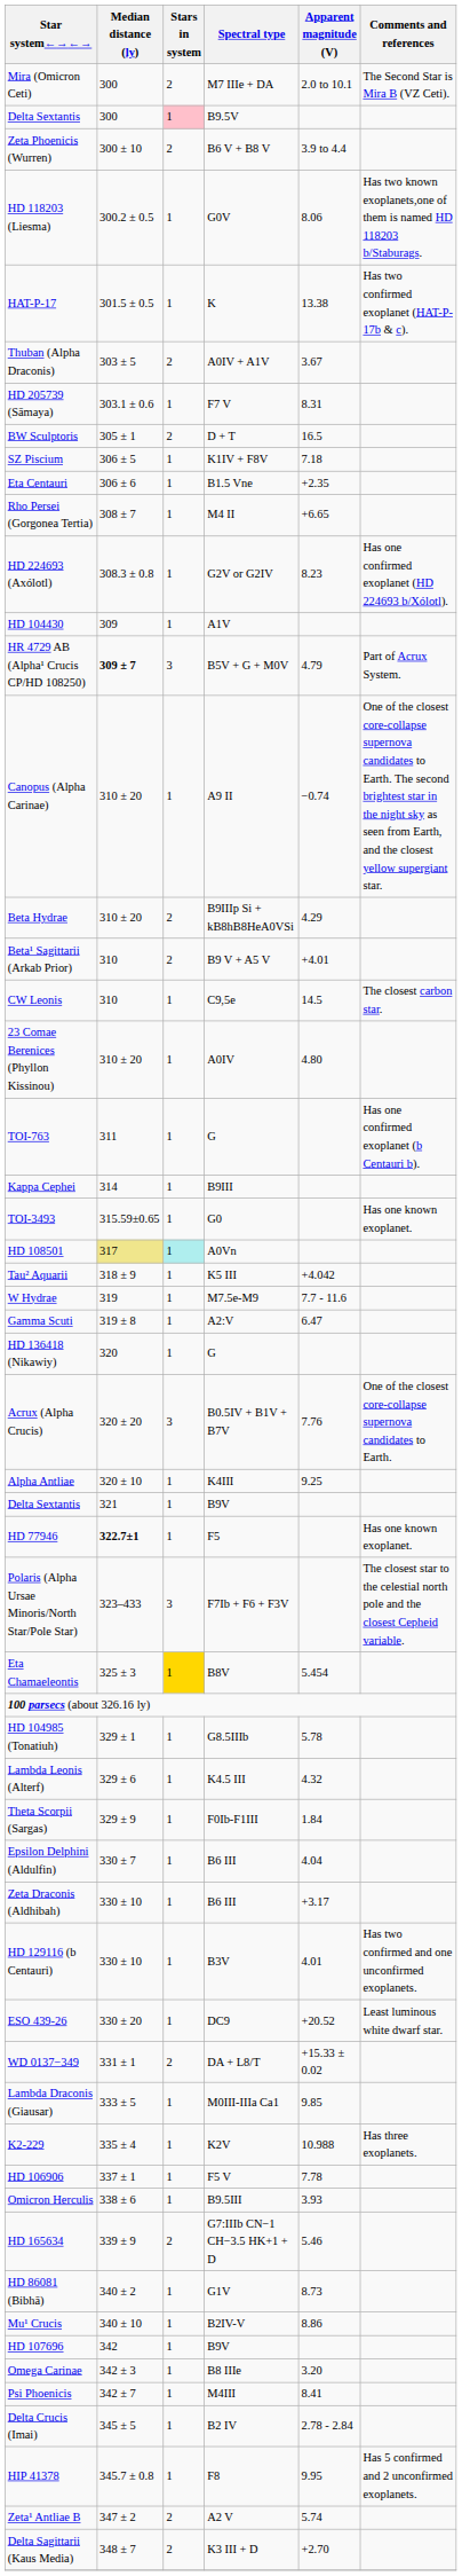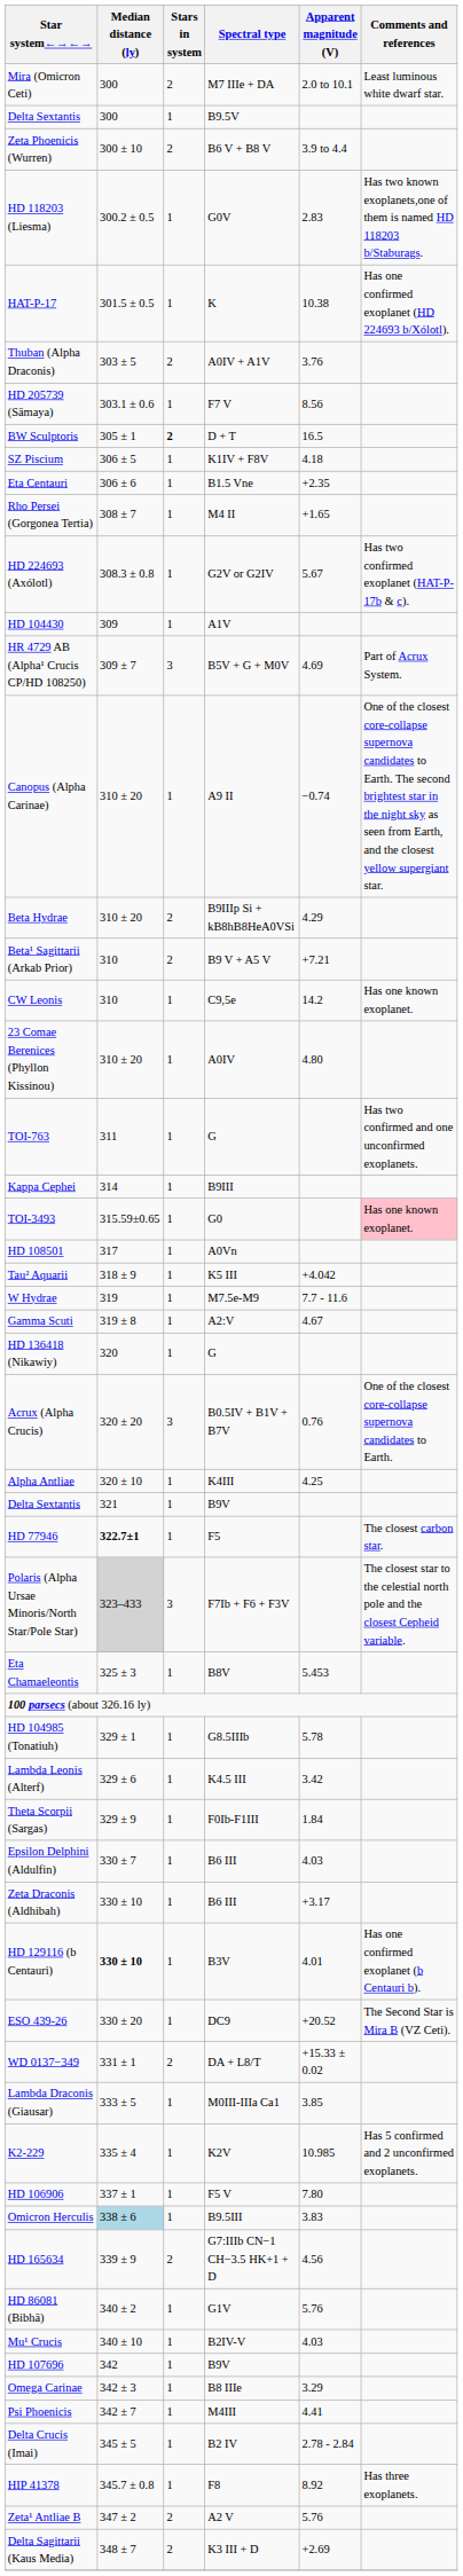 <table class="wikitable sortable" style="font-size:1.00em; line-height:1.5em; position:relative;">
 <tr>
 <th scope="col">Star system<span><a href='#'>←</a></span><span><a href='#'>→</a></span><span><a href='#'>←</a></span><span><a href='#'>→</a></span></th>
 <th scope="col">Median distance (<a href='#'>ly</a>)</th>
 <th scope="col">Stars in system</th>
 <th scope="col"><a href='#'>Spectral type</a></th>
 <th scope="col"><a href='#'>Apparent magnitude</a> (V)</th>
 <th scope="col">Comments and references</th>
 </tr>
 <tr>
 <td><a href='#'>Mira</a> (Omicron Ceti)</td>
 <td>300</td>
 <td>2</td>
 <td style="background: ">M7 IIIe + DA</td>
 <td>2.0 to 10.1</td>
-<td>The Second Star is <a href='#'>Mira B</a> (VZ Ceti).</td>
+<td>Least luminous white dwarf star.</td>
 </tr>
 <tr>
 <td><a href='#'>Delta Sextantis</a></td>
 <td>300</td>
-<td style="background: pink;">1</td>
+<td>1</td>
 <td style="background: ">B9.5V</td>
 <td></td>
 <td></td>
 </tr>
 <tr>
 <td><a href='#'>Zeta Phoenicis</a> (Wurren)</td>
 <td>300 ± 10</td>
 <td>2</td>
 <td style="background: ">B6 V + B8 V</td>
 <td>3.9 to 4.4</td>
 <td></td>
 </tr>
 <tr>
 <td><a href='#'>HD 118203</a> (Liesma)</td>
 <td>300.2 ± 0.5</td>
 <td>1</td>
 <td style="background: ">G0V</td>
-<td>8.06</td>
+<td>2.83</td>
 <td>Has two known exoplanets,one of them is named <a href='#'>HD 118203 b/Staburags</a>.</td>
 </tr>
 <tr>
 <td><a href='#'>HAT-P-17</a></td>
 <td>301.5 ± 0.5</td>
 <td>1</td>
 <td style="background: ">K</td>
-<td>13.38</td>
-<td>Has two confirmed exoplanet (<a href='#'>HAT-P-17b</a> & <a href='#'>c</a>).</td>
+<td>10.38</td>
+<td>Has one confirmed exoplanet (<a href='#'>HD 224693 b/Xólotl</a>).</td>
 </tr>
 <tr>
 <td><a href='#'>Thuban</a> (Alpha Draconis)</td>
 <td>303 ± 5</td>
 <td>2</td>
 <td style="background: ">A0IV + A1V</td>
-<td>3.67</td>
+<td>3.76</td>
 <td></td>
 </tr>
 <tr>
 <td><a href='#'>HD 205739</a> (Sāmaya)</td>
 <td>303.1 ± 0.6</td>
 <td>1</td>
 <td style="background: ">F7 V</td>
-<td>8.31</td>
+<td>8.56</td>
 <td></td>
 </tr>
 <tr>
 <td><a href='#'>BW Sculptoris</a></td>
 <td>305 ± 1</td>
-<td>2</td>
+<td><strong>2</strong></td>
 <td style="background: ">D + T</td>
 <td>16.5</td>
 <td></td>
 </tr>
 <tr>
 <td><a href='#'>SZ Piscium</a></td>
 <td>306 ± 5</td>
 <td>1</td>
 <td style="background: ">K1IV + F8V</td>
-<td>7.18</td>
+<td>4.18</td>
 <td></td>
 </tr>
 <tr>
 <td><a href='#'>Eta Centauri</a></td>
 <td>306 ± 6</td>
 <td>1</td>
 <td style="background: ">B1.5 Vne</td>
 <td>+2.35</td>
 <td></td>
 </tr>
 <tr>
 <td><a href='#'>Rho Persei</a> (Gorgonea Tertia)</td>
 <td>308 ± 7</td>
 <td>1</td>
 <td style="background: ">M4 II</td>
-<td>+6.65</td>
+<td>+1.65</td>
 <td></td>
 </tr>
 <tr>
 <td><a href='#'>HD 224693</a> (Axólotl)</td>
 <td>308.3 ± 0.8</td>
 <td>1</td>
 <td style="background: ">G2V or G2IV</td>
-<td>8.23</td>
-<td>Has one confirmed exoplanet (<a href='#'>HD 224693 b/Xólotl</a>).</td>
+<td>5.67</td>
+<td>Has two confirmed exoplanet (<a href='#'>HAT-P-17b</a> & <a href='#'>c</a>).</td>
 </tr>
 <tr>
 <td><a href='#'>HD 104430</a></td>
 <td>309</td>
 <td>1</td>
 <td style="background: ">A1V</td>
 <td></td>
 <td></td>
 </tr>
 <tr>
 <td><a href='#'>HR 4729</a> AB (Alpha¹ Crucis CP/HD 108250)</td>
-<td><strong>309 ± 7</strong></td>
+<td>309 ± 7</td>
 <td>3</td>
 <td style="background: ">B5V + G + M0V</td>
-<td>4.79</td>
+<td>4.69</td>
 <td>Part of <a href='#'>Acrux</a> System.</td>
 </tr>
 <tr>
 <td><a href='#'>Canopus</a> (Alpha Carinae)</td>
 <td>310 ± 20</td>
 <td>1</td>
 <td style="background: ">A9 II</td>
 <td>−0.74</td>
 <td>One of the closest <a href='#'>core-collapse supernova</a> <a href='#'>candidates</a> to Earth. The second <a href='#'>brightest star in the night sky</a> as seen from Earth, and the closest <a href='#'>yellow supergiant</a> star.</td>
 </tr>
 <tr>
 <td><a href='#'>Beta Hydrae</a></td>
 <td>310 ± 20</td>
 <td>2</td>
 <td style="background: ">B9IIIp Si + kB8hB8HeA0VSi</td>
 <td>4.29</td>
 <td></td>
 </tr>
 <tr>
 <td><a href='#'>Beta¹ Sagittarii</a> (Arkab Prior)</td>
 <td>310</td>
 <td>2</td>
 <td style="background: ">B9 V + A5 V</td>
-<td>+4.01</td>
+<td>+7.21</td>
 <td></td>
 </tr>
 <tr>
 <td><a href='#'>CW Leonis</a></td>
 <td>310</td>
 <td>1</td>
 <td style="background: ">C9,5e</td>
-<td>14.5</td>
-<td>The closest <a href='#'>carbon star</a>.</td>
+<td>14.2</td>
+<td>Has one known exoplanet.</td>
 </tr>
 <tr>
 <td><a href='#'>23 Comae Berenices</a> (Phyllon Kissinou)</td>
 <td>310 ± 20</td>
 <td>1</td>
 <td style="background: ">A0IV</td>
 <td>4.80</td>
 <td></td>
 </tr>
 <tr>
 <td><a href='#'>TOI-763</a></td>
 <td>311</td>
 <td>1</td>
 <td style="background: ">G</td>
 <td></td>
-<td>Has one confirmed exoplanet (<a href='#'>b Centauri b</a>).</td>
+<td>Has two confirmed and one unconfirmed exoplanets.</td>
 </tr>
 <tr>
 <td><a href='#'>Kappa Cephei</a></td>
 <td>314</td>
 <td>1</td>
 <td style="background: ">B9III</td>
 <td></td>
 <td></td>
 </tr>
 <tr>
 <td><a href='#'>TOI-3493</a></td>
 <td>315.59±0.65</td>
 <td>1</td>
 <td style="background: ">G0</td>
 <td></td>
-<td>Has one known exoplanet.</td>
+<td style="background: pink;">Has one known exoplanet.</td>
 </tr>
 <tr>
 <td><a href='#'>HD 108501</a></td>
-<td style="background: khaki;">317</td>
-<td style="background: paleturquoise;">1</td>
+<td>317</td>
+<td>1</td>
 <td style="background: ">A0Vn</td>
 <td></td>
 <td></td>
 </tr>
 <tr>
 <td><a href='#'>Tau² Aquarii</a></td>
 <td>318 ± 9</td>
 <td>1</td>
 <td style="background: ">K5 III</td>
 <td>+4.042</td>
 <td></td>
 </tr>
 <tr>
 <td><a href='#'>W Hydrae</a></td>
 <td>319</td>
 <td>1</td>
 <td style="background: ">M7.5e-M9</td>
 <td>7.7 - 11.6</td>
 <td></td>
 </tr>
 <tr>
 <td><a href='#'>Gamma Scuti</a></td>
 <td>319 ± 8</td>
 <td>1</td>
 <td style="background: ">A2:V</td>
-<td>6.47</td>
+<td>4.67</td>
 <td></td>
 </tr>
 <tr>
 <td><a href='#'>HD 136418</a> (Nikawiy)</td>
 <td>320</td>
 <td>1</td>
 <td style="background: ">G</td>
 <td></td>
 <td></td>
 </tr>
 <tr>
 <td><a href='#'>Acrux</a> (Alpha Crucis)</td>
 <td>320 ± 20</td>
 <td>3</td>
 <td style="background: ">B0.5IV + B1V + B7V</td>
-<td>7.76</td>
+<td>0.76</td>
 <td>One of the closest <a href='#'>core-collapse supernova</a> <a href='#'>candidates</a> to Earth.</td>
 </tr>
 <tr>
 <td><a href='#'>Alpha Antliae</a></td>
 <td>320 ± 10</td>
 <td>1</td>
 <td style="background: ">K4III</td>
-<td>9.25</td>
+<td>4.25</td>
 <td></td>
 </tr>
 <tr>
 <td><a href='#'>Delta Sextantis</a></td>
 <td>321</td>
 <td>1</td>
 <td style="background: ">B9V</td>
 <td></td>
 <td></td>
 </tr>
 <tr>
 <td><a href='#'>HD 77946</a></td>
 <td><strong>322.7±1</strong></td>
 <td>1</td>
 <td style="background: ">F5</td>
 <td></td>
-<td>Has one known exoplanet.</td>
+<td>The closest <a href='#'>carbon star</a>.</td>
 </tr>
 <tr>
 <td><a href='#'>Polaris</a> (Alpha Ursae Minoris/North Star/Pole Star)</td>
-<td>323–433</td>
+<td style="background: lightgrey;">323–433</td>
 <td>3</td>
 <td style="background: ">F7Ib + F6 + F3V</td>
 <td></td>
 <td>The closest star to the celestial north pole and the <a href='#'>closest Cepheid variable</a>.</td>
 </tr>
 <tr>
 <td><a href='#'>Eta Chamaeleontis</a></td>
 <td>325 ± 3</td>
-<td style="background: gold;">1</td>
+<td>1</td>
 <td style="background: ">B8V</td>
-<td>5.454</td>
+<td>5.453</td>
 <td></td>
 </tr>
 <tr>
 <td colspan = '9'><strong><em>100 <a href='#'>parsecs</a></em></strong> (about 326.16 ly)</td>
 </tr>
 <tr>
 <td><a href='#'>HD 104985</a> (Tonatiuh)</td>
 <td>329 ± 1</td>
 <td>1</td>
 <td style="background: ">G8.5IIIb</td>
 <td>5.78</td>
 <td></td>
 </tr>
 <tr>
 <td><a href='#'>Lambda Leonis</a> (Alterf)</td>
 <td>329 ± 6</td>
 <td>1</td>
 <td style="background: ">K4.5 III</td>
-<td>4.32</td>
+<td>3.42</td>
 <td></td>
 </tr>
 <tr>
 <td><a href='#'>Theta Scorpii</a> (Sargas)</td>
 <td>329 ± 9</td>
 <td>1</td>
 <td style="background: ">F0Ib-F1III</td>
 <td>1.84</td>
 <td></td>
 </tr>
 <tr>
 <td><a href='#'>Epsilon Delphini</a> (Aldulfin)</td>
 <td>330 ± 7</td>
 <td>1</td>
 <td style="background: ">B6 III</td>
-<td>4.04</td>
+<td>4.03</td>
 <td></td>
 </tr>
 <tr>
 <td><a href='#'>Zeta Draconis</a> (Aldhibah)</td>
 <td>330 ± 10</td>
 <td>1</td>
 <td style="background: ">B6 III</td>
 <td>+3.17</td>
 <td></td>
 </tr>
 <tr>
 <td><a href='#'>HD 129116</a> (b Centauri)</td>
-<td>330 ± 10</td>
+<td><strong>330 ± 10</strong></td>
 <td>1</td>
 <td style="background: ">B3V</td>
 <td>4.01</td>
-<td>Has two confirmed and one unconfirmed exoplanets.</td>
+<td>Has one confirmed exoplanet (<a href='#'>b Centauri b</a>).</td>
 </tr>
 <tr>
 <td><a href='#'>ESO 439-26</a></td>
 <td>330 ± 20</td>
 <td>1</td>
 <td style="background: ">DC9</td>
 <td>+20.52</td>
-<td>Least luminous white dwarf star.</td>
+<td>The Second Star is <a href='#'>Mira B</a> (VZ Ceti).</td>
 </tr>
 <tr>
 <td><a href='#'>WD 0137−349</a></td>
 <td>331 ± 1</td>
 <td>2</td>
 <td style="background: ">DA + L8/T</td>
 <td>+15.33 ± 0.02</td>
 <td></td>
 </tr>
 <tr>
 <td><a href='#'>Lambda Draconis</a> (Giausar)</td>
 <td>333 ± 5</td>
 <td>1</td>
 <td style="background: ">M0III-IIIa Ca1</td>
-<td>9.85</td>
+<td>3.85</td>
 <td></td>
 </tr>
 <tr>
 <td><a href='#'>K2-229</a></td>
 <td>335 ± 4</td>
 <td>1</td>
 <td style="background: ">K2V</td>
-<td>10.988</td>
-<td>Has three exoplanets.</td>
+<td>10.985</td>
+<td>Has 5 confirmed and 2 unconfirmed exoplanets.</td>
 </tr>
 <tr>
 <td><a href='#'>HD 106906</a></td>
 <td>337 ± 1</td>
 <td>1</td>
 <td style="background: ">F5 V</td>
-<td>7.78</td>
+<td>7.80</td>
 <td></td>
 </tr>
 <tr>
 <td><a href='#'>Omicron Herculis</a></td>
-<td>338 ± 6</td>
+<td style="background: lightblue;">338 ± 6</td>
 <td>1</td>
 <td style="background: ">B9.5III</td>
-<td>3.93</td>
+<td>3.83</td>
 <td></td>
 </tr>
 <tr>
 <td><a href='#'>HD 165634</a></td>
 <td>339 ± 9</td>
 <td>2</td>
 <td style="background: ">G7:IIIb CN−1 CH−3.5 HK+1 + D</td>
-<td>5.46</td>
+<td>4.56</td>
 <td></td>
 </tr>
 <tr>
 <td><a href='#'>HD 86081</a> (Bibhā)</td>
 <td>340 ± 2</td>
 <td>1</td>
 <td style="background: ">G1V</td>
-<td>8.73</td>
+<td>5.76</td>
 <td></td>
 </tr>
 <tr>
 <td><a href='#'>Mu¹ Crucis</a></td>
 <td>340 ± 10</td>
 <td>1</td>
 <td style="background: ">B2IV-V</td>
-<td>8.86</td>
+<td>4.03</td>
 <td></td>
 </tr>
 <tr>
 <td><a href='#'>HD 107696</a></td>
 <td>342</td>
 <td>1</td>
 <td style="background: ">B9V</td>
 <td></td>
 <td></td>
 </tr>
 <tr>
 <td><a href='#'>Omega Carinae</a></td>
 <td>342 ± 3</td>
 <td>1</td>
 <td style="background: ">B8 IIIe</td>
-<td>3.20</td>
+<td>3.29</td>
 <td></td>
 </tr>
 <tr>
 <td><a href='#'>Psi Phoenicis</a></td>
 <td>342 ± 7</td>
 <td>1</td>
 <td style="background: ">M4III</td>
-<td>8.41</td>
+<td>4.41</td>
 <td></td>
 </tr>
 <tr>
 <td><a href='#'>Delta Crucis</a> (Imai)</td>
 <td>345 ± 5</td>
 <td>1</td>
 <td style="background: ">B2 IV</td>
 <td>2.78 - 2.84</td>
 <td></td>
 </tr>
 <tr>
 <td><a href='#'>HIP 41378</a></td>
 <td>345.7 ± 0.8</td>
 <td>1</td>
 <td style="background: ">F8</td>
-<td>9.95</td>
-<td>Has 5 confirmed and 2 unconfirmed exoplanets.</td>
+<td>8.92</td>
+<td>Has three exoplanets.</td>
 </tr>
 <tr>
 <td><a href='#'>Zeta¹ Antliae B</a></td>
 <td>347 ± 2</td>
 <td>2</td>
 <td style="background: ">A2 V</td>
-<td>5.74</td>
+<td>5.76</td>
 <td></td>
 </tr>
 <tr>
 <td><a href='#'>Delta Sagittarii</a> (Kaus Media)</td>
 <td>348 ± 7</td>
 <td>2</td>
 <td style="background: ">K3 III + D</td>
-<td>+2.70</td>
+<td>+2.69</td>
 <td></td>
 </tr>
 <tr>
 </tr>
 </table>
